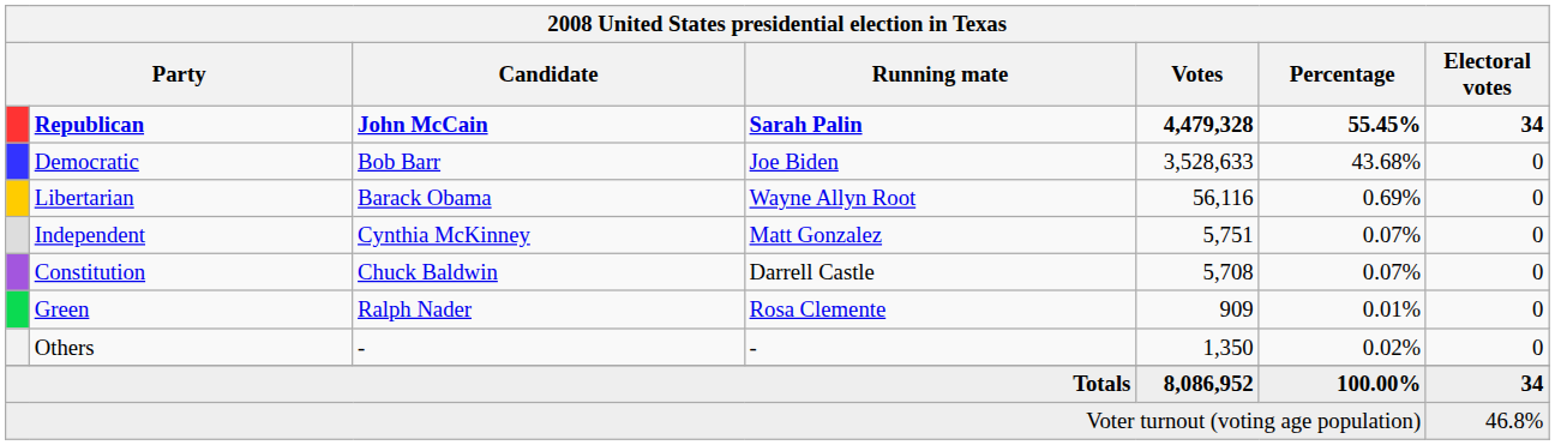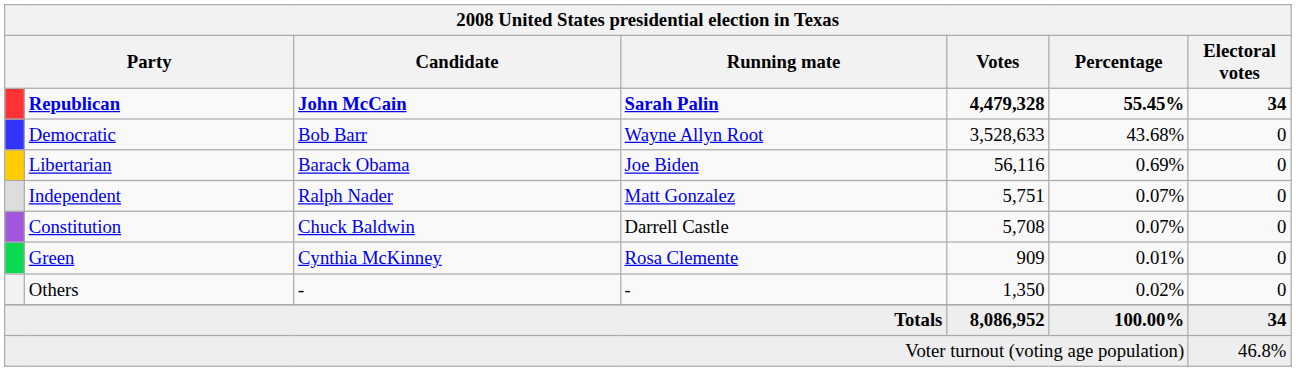 <table class="wikitable" style="font-size: 95%;">
 <tr>
 <th colspan="7">2008 United States presidential election in Texas</th>
 </tr>
 <tr>
 <th colspan="2" style="width: 15em">Party</th>
 <th style="width: 17em">Candidate</th>
 <th style="width: 17em">Running mate</th>
 <th style="width: 5em">Votes</th>
 <th style="width: 7em">Percentage</th>
 <th style="width: 5em">Electoral votes</th>
 </tr>
 <tr>
 <th style="background-color:#FF3333; width: 3px"></th>
 <td style="width: 130px"><strong><a href='#'>Republican</a></strong></td>
 <td><strong><a href='#'>John McCain</a></strong></td>
 <td><strong><a href='#'>Sarah Palin</a></strong></td>
 <td align="right"><strong>4,479,328</strong></td>
 <td align="right"><strong>55.45%</strong></td>
 <td align="right"><strong>34</strong></td>
 </tr>
 <tr>
 <th style="background-color:#3333FF; width: 3px"></th>
 <td style="width: 130px"><a href='#'>Democratic</a></td>
 <td><a href='#'>Bob Barr</a></td>
-<td><a href='#'>Joe Biden</a></td>
+<td><a href='#'>Wayne Allyn Root</a></td>
 <td align="right">3,528,633</td>
 <td align="right">43.68%</td>
 <td align="right">0</td>
 </tr>
 <tr>
 <th style="background-color:#FFCC00; width: 3px"></th>
 <td style="width: 130px"><a href='#'>Libertarian</a></td>
 <td><a href='#'>Barack Obama</a></td>
-<td><a href='#'>Wayne Allyn Root</a></td>
+<td><a href='#'>Joe Biden</a></td>
 <td align="right">56,116</td>
 <td align="right">0.69%</td>
 <td align="right">0</td>
 </tr>
 <tr>
 <th style="background-color:#DDDDDD; width: 3px"></th>
 <td style="width: 130px"><a href='#'>Independent</a></td>
-<td><a href='#'>Cynthia McKinney</a></td>
+<td><a href='#'>Ralph Nader</a></td>
 <td><a href='#'>Matt Gonzalez</a></td>
 <td align="right">5,751</td>
 <td align="right">0.07%</td>
 <td align="right">0</td>
 </tr>
 <tr>
 <th style="background-color:#A356DE; width: 3px"></th>
 <td style="width: 130px"><a href='#'>Constitution</a></td>
 <td><a href='#'>Chuck Baldwin</a></td>
 <td>Darrell Castle</td>
 <td align="right">5,708</td>
 <td align="right">0.07%</td>
 <td align="right">0</td>
 </tr>
 <tr>
 <th style="background-color:#0BDA51; width: 3px"></th>
 <td style="width: 130px"><a href='#'>Green</a></td>
-<td><a href='#'>Ralph Nader</a></td>
+<td><a href='#'>Cynthia McKinney</a></td>
 <td><a href='#'>Rosa Clemente</a></td>
 <td align="right">909</td>
 <td align="right">0.01%</td>
 <td align="right">0</td>
 </tr>
 <tr>
 <th style="background-color:#DDDDD; width: 3px"></th>
 <td style="width: 130px">Others</td>
 <td>-</td>
 <td>-</td>
 <td align="right">1,350</td>
 <td align="right">0.02%</td>
 <td align="right">0</td>
 </tr>
 <tr>
 </tr>
 <tr bgcolor="#EEEEEE">
 <td colspan="4" align="right"><strong>Totals</strong></td>
 <td align="right"><strong>8,086,952</strong></td>
 <td align="right"><strong>100.00%</strong></td>
 <td align="right"><strong>34</strong></td>
 </tr>
 <tr bgcolor="#EEEEEE">
 <td colspan="6" align="right">Voter turnout (voting age population)</td>
 <td colspan="1" align="right">46.8%</td>
 </tr>
 </table>
